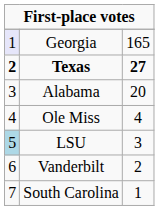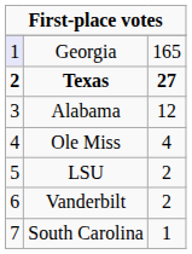 <table class="wikitable">
 <tr align="center">
 <td align="center" Colspan="3"><strong>First-place votes</strong></td>
 </tr>
 <tr align="center">
 </tr>
 <tr align="center">
 <td style="background: lavender;">1</td>
 <td>Georgia</td>
 <td>165</td>
 </tr>
 <tr align="center">
 <td><strong>2</strong></td>
 <td><strong>Texas</strong></td>
 <td><strong>27</strong></td>
 </tr>
 <tr align="center">
 <td>3</td>
 <td>Alabama</td>
-<td>20</td>
+<td>12</td>
 </tr>
 <tr align="center">
 <td>4</td>
 <td>Ole Miss</td>
 <td>4</td>
 </tr>
 <tr align="center">
-<td style="background: lightblue;">5</td>
+<td>5</td>
 <td>LSU</td>
-<td>3</td>
+<td>2</td>
 </tr>
 <tr align="center">
 <td>6</td>
 <td>Vanderbilt</td>
 <td>2</td>
 </tr>
 <tr align="center">
 <td>7</td>
 <td>South Carolina</td>
 <td>1</td>
 </tr>
 </table>
